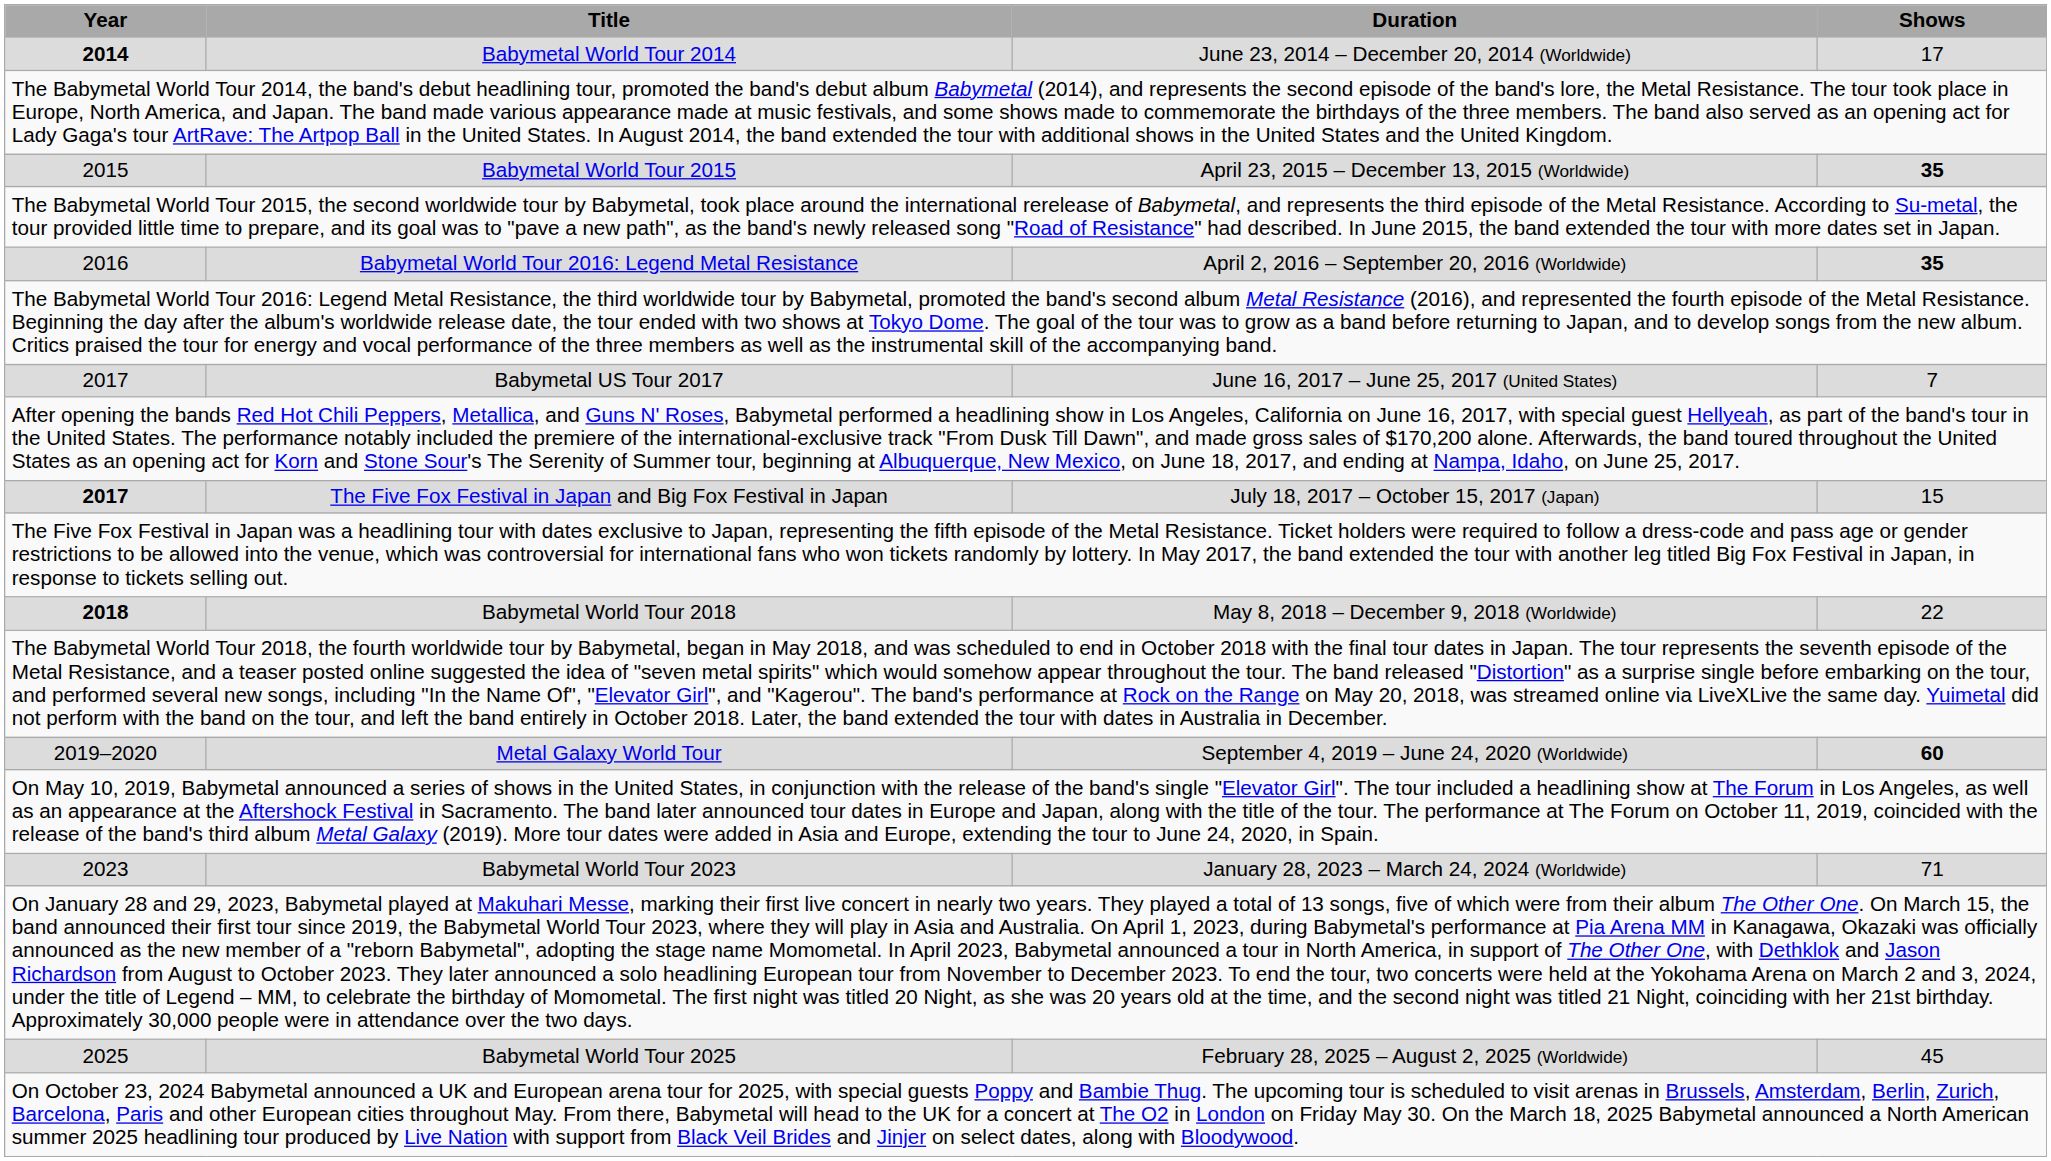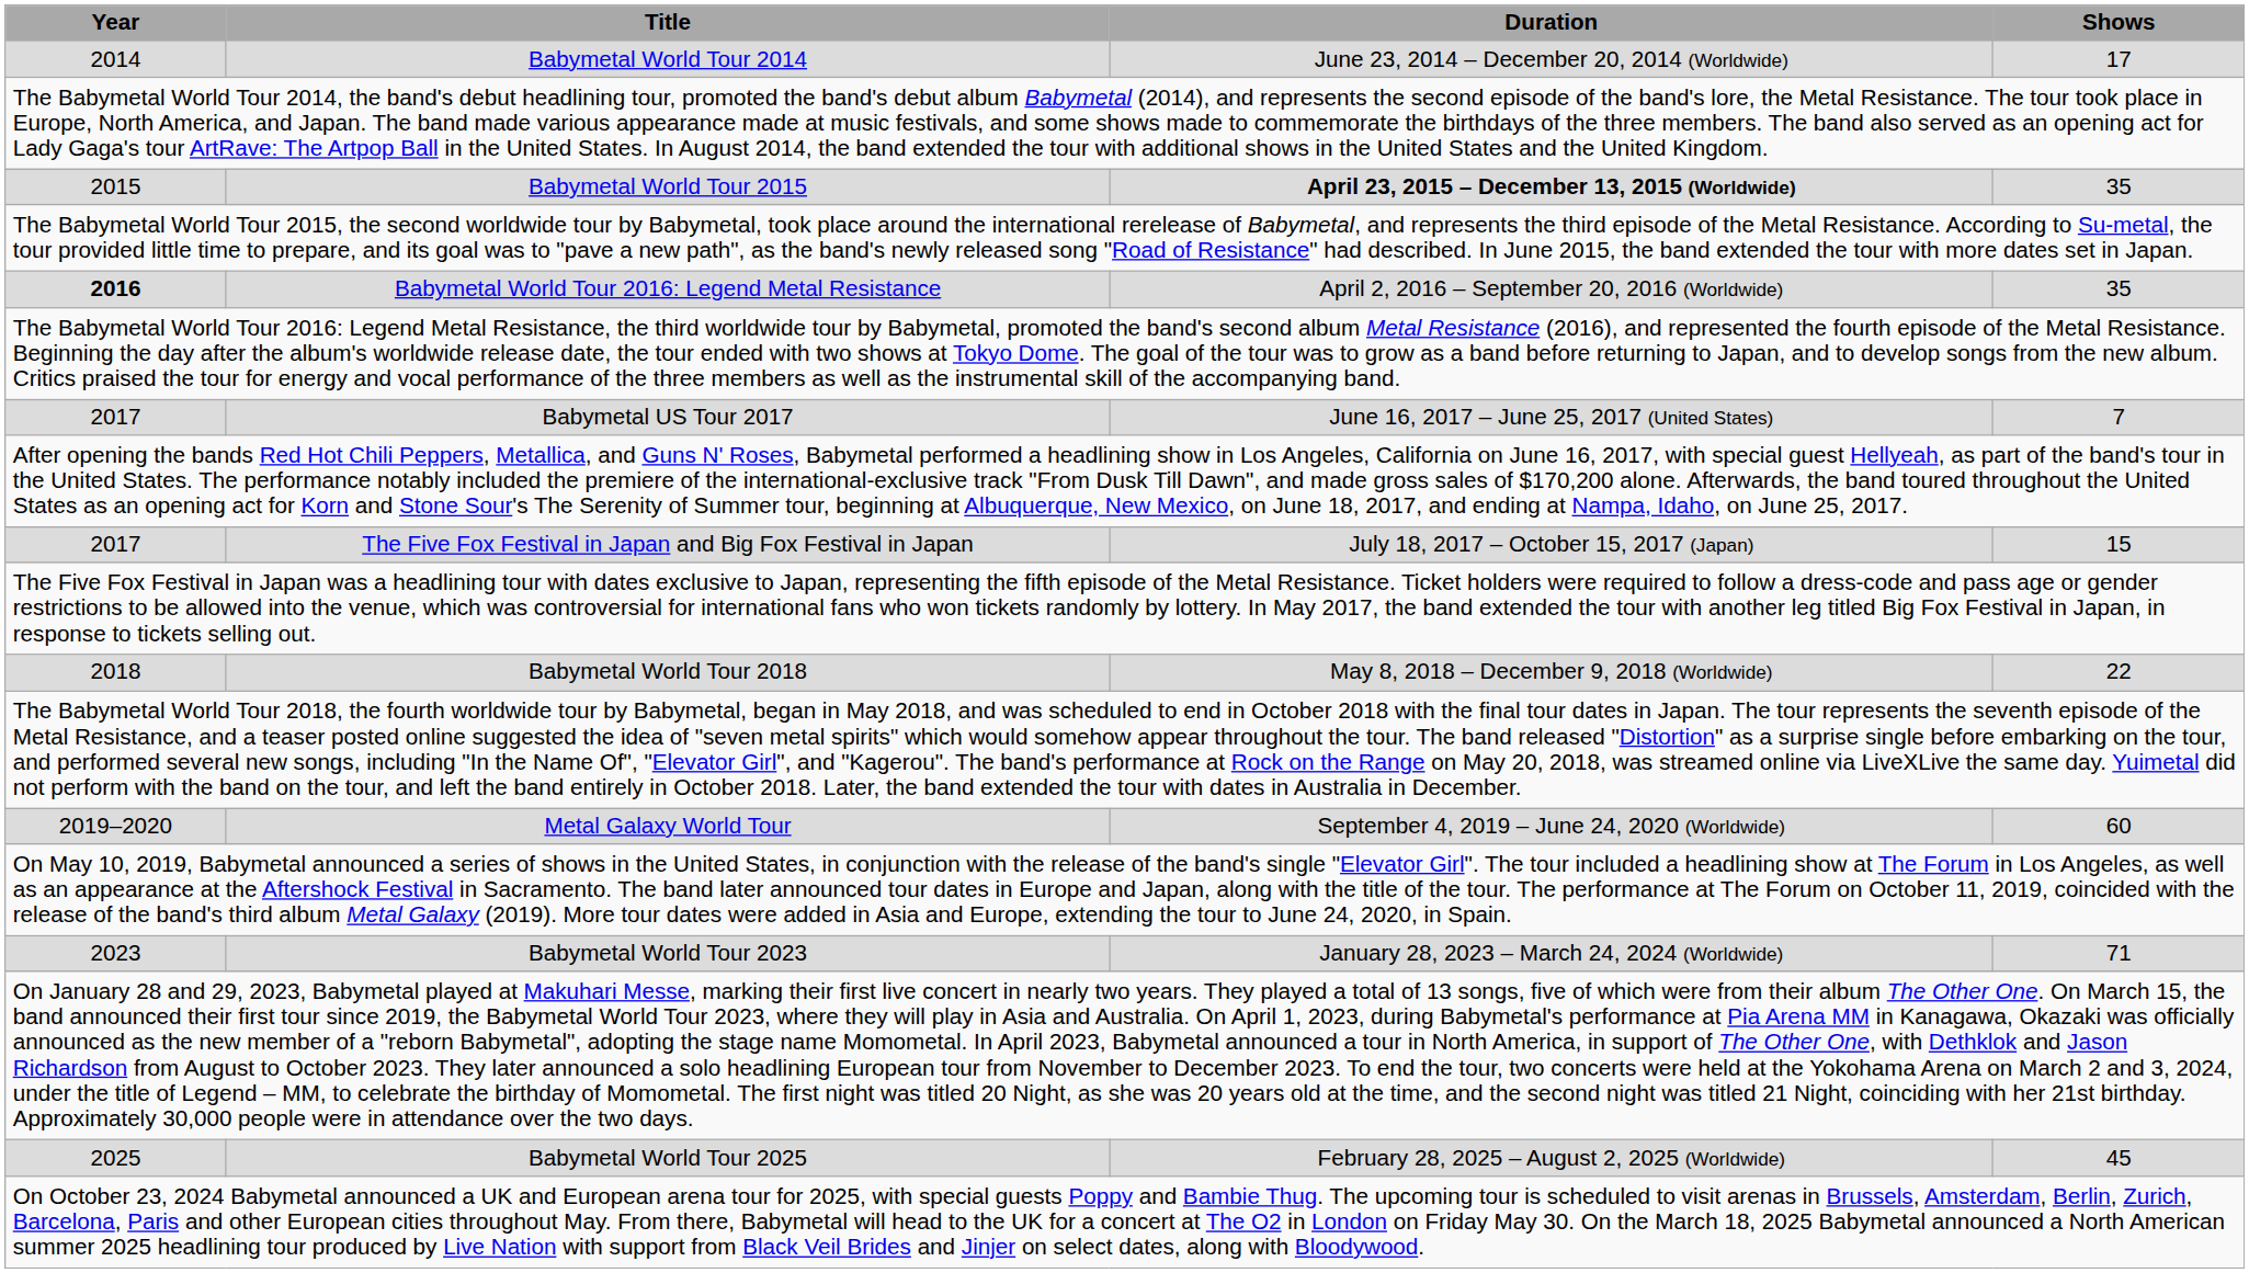 <table class="wikitable" style="width:100%;">
 <tr>
 <th style="width:20px; background:darkGrey;">Year</th>
 <th style="width:200px; background:darkGrey;">Title</th>
 <th style="width:200px; background:darkGrey;">Duration</th>
 <th style="width:20px; background:darkGrey;">Shows</th>
 </tr>
 <tr style="text-align:center; background:#dcdcdc;">
-<td><strong>2014</strong></td>
+<td>2014</td>
 <td style="background:#dcdcdc; text-align:center;"><a href='#'>Babymetal World Tour 2014</a></td>
 <td style="background:#dcdcdc; text-align:center;">June 23, 2014 – December 20, 2014 <small>(Worldwide)</small></td>
 <td style="background:#dcdcdc; text-align:center;">17</td>
 </tr>
 <tr>
 <td colspan="14" style="border-bottom-width:1px; padding:5px;">The Babymetal World Tour 2014, the band's debut headlining tour, promoted the band's debut album <em><a href='#'>Babymetal</a></em> (2014), and represents the second episode of the band's lore, the Metal Resistance. The tour took place in Europe, North America, and Japan. The band made various appearance made at music festivals, and some shows made to commemorate the birthdays of the three members. The band also served as an opening act for Lady Gaga's tour <a href='#'>ArtRave: The Artpop Ball</a> in the United States. In August 2014, the band extended the tour with additional shows in the United States and the United Kingdom.</td>
 </tr>
 <tr style="text-align:center; background:#dcdcdc;">
 <td>2015</td>
 <td style="background:#dcdcdc; text-align:center;"><a href='#'>Babymetal World Tour 2015</a></td>
-<td style="background:#dcdcdc; text-align:center;">April 23, 2015 – December 13, 2015 <small>(Worldwide)</small></td>
-<td style="background:#dcdcdc; text-align:center;"><strong>35</strong></td>
+<td style="background:#dcdcdc; text-align:center;"><strong>April 23, 2015 – December 13, 2015 <small>(Worldwide)</small></strong></td>
+<td style="background:#dcdcdc; text-align:center;">35</td>
 </tr>
 <tr>
 <td colspan="14" style="border-bottom-width:1px; padding:5px;">The Babymetal World Tour 2015, the second worldwide tour by Babymetal, took place around the international rerelease of <em>Babymetal</em>, and represents the third episode of the Metal Resistance. According to <a href='#'>Su-metal</a>, the tour provided little time to prepare, and its goal was to "pave a new path", as the band's newly released song "<a href='#'>Road of Resistance</a>" had described. In June 2015, the band extended the tour with more dates set in Japan.</td>
 </tr>
 <tr style="text-align:center; background:#dcdcdc;">
-<td>2016</td>
+<td><strong>2016</strong></td>
 <td style="background:#dcdcdc; text-align:center;"><a href='#'>Babymetal World Tour 2016: Legend Metal Resistance</a></td>
 <td style="background:#dcdcdc; text-align:center;">April 2, 2016 – September 20, 2016 <small>(Worldwide)</small></td>
-<td style="background:#dcdcdc; text-align:center;"><strong>35</strong></td>
+<td style="background:#dcdcdc; text-align:center;">35</td>
 </tr>
 <tr>
 <td colspan="14" style="border-bottom-width:1px; padding:5px;">The Babymetal World Tour 2016: Legend Metal Resistance, the third worldwide tour by Babymetal, promoted the band's second album <em><a href='#'>Metal Resistance</a></em> (2016), and represented the fourth episode of the Metal Resistance. Beginning the day after the album's worldwide release date, the tour ended with two shows at <a href='#'>Tokyo Dome</a>. The goal of the tour was to grow as a band before returning to Japan, and to develop songs from the new album. Critics praised the tour for energy and vocal performance of the three members as well as the instrumental skill of the accompanying band.</td>
 </tr>
 <tr style="text-align:center; background:#dcdcdc;">
 <td>2017</td>
 <td style="background:#dcdcdc; text-align:center;">Babymetal US Tour 2017</td>
 <td style="background:#dcdcdc; text-align:center;">June 16, 2017 – June 25, 2017 <small>(United States)</small></td>
 <td style="background:#dcdcdc; text-align:center;">7</td>
 </tr>
 <tr>
 <td colspan="14" style="border-bottom-width:1px; padding:5px;">After opening the bands <a href='#'>Red Hot Chili Peppers</a>, <a href='#'>Metallica</a>, and <a href='#'>Guns N' Roses</a>, Babymetal performed a headlining show in Los Angeles, California on June 16, 2017, with special guest <a href='#'>Hellyeah</a>, as part of the band's tour in the United States. The performance notably included the premiere of the international-exclusive track "From Dusk Till Dawn", and made gross sales of $170,200 alone. Afterwards, the band toured throughout the United States as an opening act for <a href='#'>Korn</a> and <a href='#'>Stone Sour</a>'s The Serenity of Summer tour, beginning at <a href='#'>Albuquerque, New Mexico</a>, on June 18, 2017, and ending at <a href='#'>Nampa, Idaho</a>, on June 25, 2017.</td>
 </tr>
 <tr style="text-align:center; background:#dcdcdc;">
-<td><strong>2017</strong></td>
+<td>2017</td>
 <td style="background:#dcdcdc; text-align:center;"><a href='#'>The Five Fox Festival in Japan</a> and Big Fox Festival in Japan</td>
 <td style="background:#dcdcdc; text-align:center;">July 18, 2017 – October 15, 2017 <small>(Japan)</small></td>
 <td style="background:#dcdcdc; text-align:center;">15</td>
 </tr>
 <tr>
 <td colspan="14" style="border-bottom-width:1px; padding:5px;">The Five Fox Festival in Japan was a headlining tour with dates exclusive to Japan, representing the fifth episode of the Metal Resistance. Ticket holders were required to follow a dress-code and pass age or gender restrictions to be allowed into the venue, which was controversial for international fans who won tickets randomly by lottery. In May 2017, the band extended the tour with another leg titled Big Fox Festival in Japan, in response to tickets selling out.</td>
 </tr>
 <tr style="text-align:center; background:#dcdcdc;">
-<td><strong>2018</strong></td>
+<td>2018</td>
 <td style="background:#dcdcdc; text-align:center;">Babymetal World Tour 2018</td>
 <td style="background:#dcdcdc; text-align:center;">May 8, 2018 – December 9, 2018 <small>(Worldwide)</small></td>
 <td style="background:#dcdcdc; text-align:center;">22</td>
 </tr>
 <tr>
 <td colspan="14" style="border-bottom-width:1px; padding:5px;">The Babymetal World Tour 2018, the fourth worldwide tour by Babymetal, began in May 2018, and was scheduled to end in October 2018 with the final tour dates in Japan. The tour represents the seventh episode of the Metal Resistance, and a teaser posted online suggested the idea of "seven metal spirits" which would somehow appear throughout the tour. The band released "<a href='#'>Distortion</a>" as a surprise single before embarking on the tour, and performed several new songs, including "In the Name Of", "<a href='#'>Elevator Girl</a>", and "Kagerou". The band's performance at <a href='#'>Rock on the Range</a> on May 20, 2018, was streamed online via LiveXLive the same day. <a href='#'>Yuimetal</a> did not perform with the band on the tour, and left the band entirely in October 2018. Later, the band extended the tour with dates in Australia in December.</td>
 </tr>
 <tr style="text-align:center; background:#dcdcdc;">
 <td>2019–2020</td>
 <td style="background:#dcdcdc; text-align:center;"><a href='#'>Metal Galaxy World Tour</a></td>
 <td style="background:#dcdcdc; text-align:center;">September 4, 2019 – June 24, 2020 <small>(Worldwide)</small></td>
-<td style="background:#dcdcdc; text-align:center;"><strong>60</strong></td>
+<td style="background:#dcdcdc; text-align:center;">60</td>
 </tr>
 <tr>
 <td colspan="14" style="border-bottom-width:1px; padding:5px;">On May 10, 2019, Babymetal announced a series of shows in the United States, in conjunction with the release of the band's single "<a href='#'>Elevator Girl</a>". The tour included a headlining show at <a href='#'>The Forum</a> in Los Angeles, as well as an appearance at the <a href='#'>Aftershock Festival</a> in Sacramento. The band later announced tour dates in Europe and Japan, along with the title of the tour. The performance at The Forum on October 11, 2019, coincided with the release of the band's third album <em><a href='#'>Metal Galaxy</a></em> (2019). More tour dates were added in Asia and Europe, extending the tour to June 24, 2020, in Spain.</td>
 </tr>
 <tr style="text-align:center; background:#dcdcdc;">
 <td>2023</td>
 <td style="background:#dcdcdc; text-align:center;">Babymetal World Tour 2023</td>
 <td style="background:#dcdcdc; text-align:center;">January 28, 2023 – March 24, 2024 <small>(Worldwide)</small></td>
 <td style="background:#dcdcdc; text-align:center;">71</td>
 </tr>
 <tr>
 <td colspan="14" style="border-bottom-width:1px; padding:5px;">On January 28 and 29, 2023, Babymetal played at <a href='#'>Makuhari Messe</a>, marking their first live concert in nearly two years. They played a total of 13 songs, five of which were from their album <em><a href='#'>The Other One</a></em>. On March 15, the band announced their first tour since 2019, the Babymetal World Tour 2023, where they will play in Asia and Australia. On April 1, 2023, during Babymetal's performance at <a href='#'>Pia Arena MM</a> in Kanagawa, Okazaki was officially announced as the new member of a "reborn Babymetal", adopting the stage name Momometal. In April 2023, Babymetal announced a tour in North America, in support of <em><a href='#'>The Other One</a></em>, with <a href='#'>Dethklok</a> and <a href='#'>Jason Richardson</a> from August to October 2023.  They later announced a solo headlining European tour from November to December 2023. To end the tour, two concerts were held at the Yokohama Arena on March 2 and 3, 2024, under the title of Legend – MM, to celebrate the birthday of Momometal. The first night was titled 20 Night, as she was 20 years old at the time, and the second night was titled 21 Night, coinciding with her 21st birthday. Approximately 30,000 people were in attendance over the two days.</td>
 </tr>
 <tr style="text-align:center; background:#dcdcdc;">
 <td>2025</td>
 <td style="background:#dcdcdc; text-align:center;">Babymetal World Tour 2025</td>
 <td style="background:#dcdcdc; text-align:center;">February 28, 2025 – August 2, 2025 <small>(Worldwide)</small></td>
 <td style="background:#dcdcdc; text-align:center;">45</td>
 </tr>
 <tr>
 <td colspan="14" style="border-bottom-width:1px; padding:5px;">On October 23, 2024 Babymetal announced a UK and European arena tour for 2025, with special guests <a href='#'>Poppy</a> and <a href='#'>Bambie Thug</a>. The upcoming tour is scheduled to visit arenas in <a href='#'>Brussels</a>, <a href='#'>Amsterdam</a>, <a href='#'>Berlin</a>, <a href='#'>Zurich</a>, <a href='#'>Barcelona</a>, <a href='#'>Paris</a> and other European cities throughout May. From there, Babymetal will head to the UK for a concert at <a href='#'>The O2</a> in <a href='#'>London</a> on Friday May 30. On the March 18, 2025 Babymetal announced a North American summer 2025 headlining tour produced by <a href='#'>Live Nation</a> with support from <a href='#'>Black Veil Brides</a> and <a href='#'>Jinjer</a> on select dates, along with <a href='#'>Bloodywood</a>.</td>
 </tr>
 </table>
